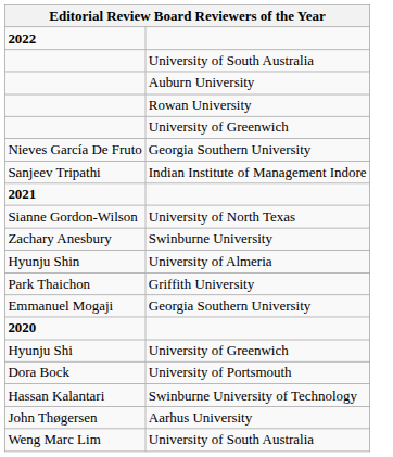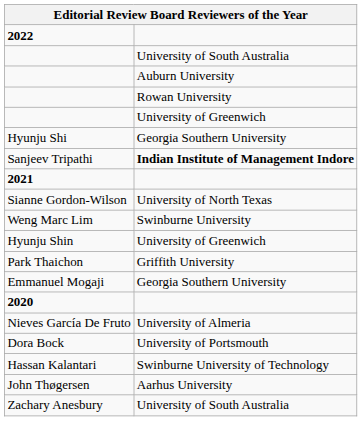 <table class="wikitable">
 <tr>
 <th colspan="2">Editorial Review Board Reviewers of the Year</th>
 </tr>
 <tr>
 <td><strong>2022</strong></td>
 <td></td>
 </tr>
 <tr>
 <td></td>
 <td>University of South Australia</td>
 </tr>
 <tr>
 <td></td>
 <td>Auburn University</td>
 </tr>
 <tr>
 <td></td>
 <td>Rowan University</td>
 </tr>
 <tr>
 <td></td>
 <td>University of Greenwich</td>
 </tr>
 <tr>
-<td>Nieves García De Fruto</td>
+<td>Hyunju Shi</td>
 <td>Georgia Southern University</td>
 </tr>
 <tr>
 <td>Sanjeev Tripathi</td>
-<td>Indian Institute of Management Indore</td>
+<td><strong>Indian Institute of Management Indore</strong></td>
 </tr>
 <tr>
 <td><strong>2021</strong></td>
 <td></td>
 </tr>
 <tr>
 <td>Sianne Gordon-Wilson</td>
 <td>University of North Texas</td>
 </tr>
 <tr>
-<td>Zachary Anesbury</td>
+<td>Weng Marc Lim</td>
 <td>Swinburne University</td>
 </tr>
 <tr>
 <td>Hyunju Shin</td>
-<td>University of Almeria</td>
+<td>University of Greenwich</td>
 </tr>
 <tr>
 <td>Park Thaichon</td>
 <td>Griffith University</td>
 </tr>
 <tr>
 <td>Emmanuel Mogaji</td>
 <td>Georgia Southern University</td>
 </tr>
 <tr>
 <td><strong>2020</strong></td>
 <td></td>
 </tr>
 <tr>
-<td>Hyunju Shi</td>
-<td>University of Greenwich</td>
+<td>Nieves García De Fruto</td>
+<td>University of Almeria</td>
 </tr>
 <tr>
 <td>Dora Bock</td>
 <td>University of Portsmouth</td>
 </tr>
 <tr>
 <td>Hassan Kalantari</td>
 <td>Swinburne University of Technology</td>
 </tr>
 <tr>
 <td>John Thøgersen</td>
 <td>Aarhus University</td>
 </tr>
 <tr>
-<td>Weng Marc Lim</td>
+<td>Zachary Anesbury</td>
 <td>University of South Australia</td>
 </tr>
 </table>
